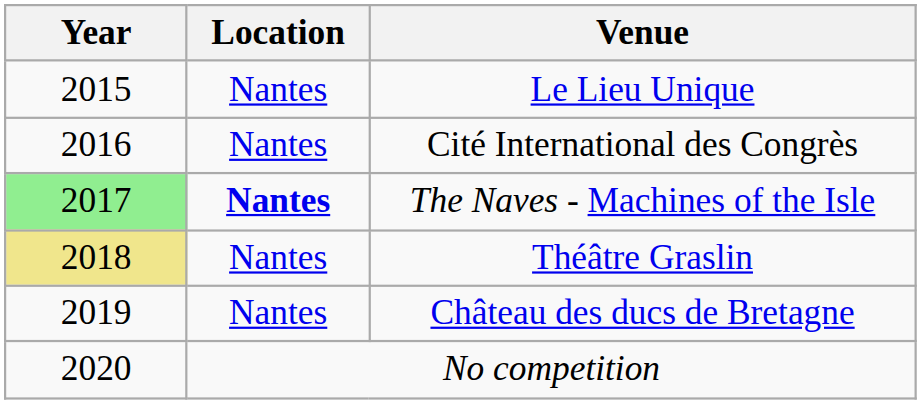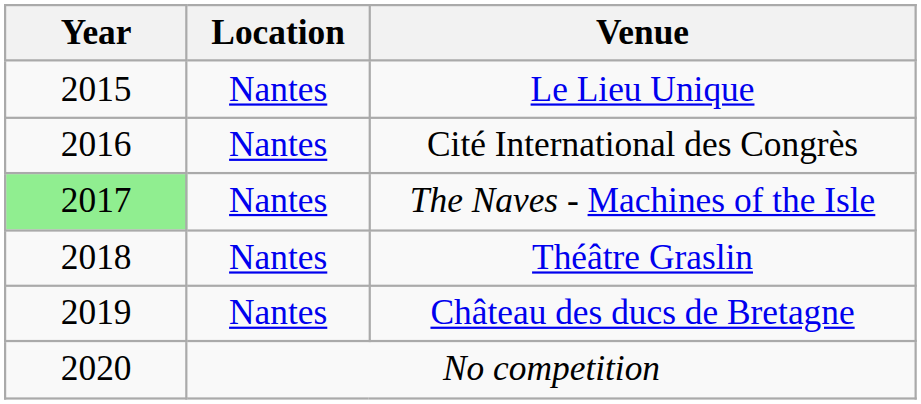 <table class="wikitable" style="text-align:center;">
 <tr>
 <th width="75">Year</th>
 <th width="75">Location</th>
 <th width="240">Venue</th>
 </tr>
 <tr>
 <td>2015</td>
 <td><a href='#'>Nantes</a></td>
 <td><a href='#'>Le Lieu Unique</a></td>
 </tr>
 <tr>
 <td>2016</td>
 <td><a href='#'>Nantes</a></td>
 <td>Cité International des Congrès</td>
 </tr>
 <tr>
 <td style="background: lightgreen;">2017</td>
-<td><strong><a href='#'>Nantes</a></strong></td>
+<td><a href='#'>Nantes</a></td>
 <td><em>The Naves</em> - <a href='#'>Machines of the Isle</a></td>
 </tr>
 <tr>
-<td style="background: khaki;">2018</td>
+<td>2018</td>
 <td><a href='#'>Nantes</a></td>
 <td><a href='#'>Théâtre Graslin</a></td>
 </tr>
 <tr>
 <td>2019</td>
 <td><a href='#'>Nantes</a></td>
 <td><a href='#'>Château des ducs de Bretagne</a></td>
 </tr>
 <tr>
 <td>2020</td>
 <td rowspan=1 colspan=2 align="center"><em>No competition</em></td>
 </tr>
 </table>
